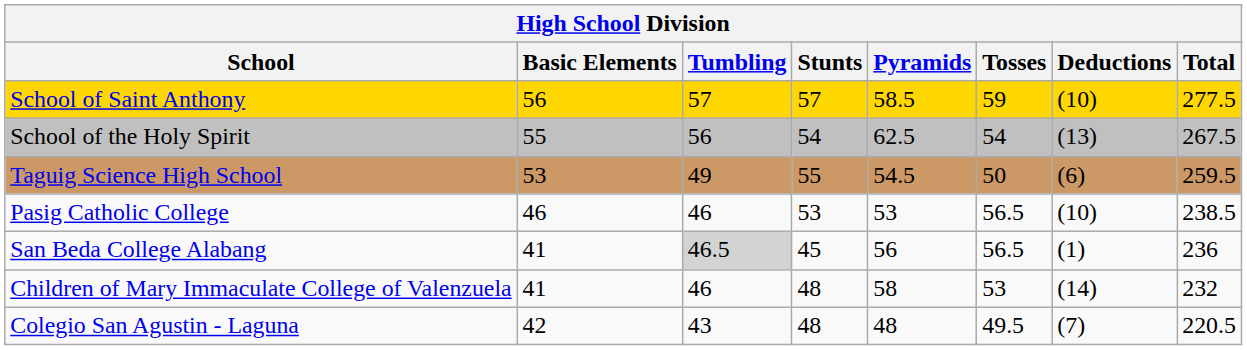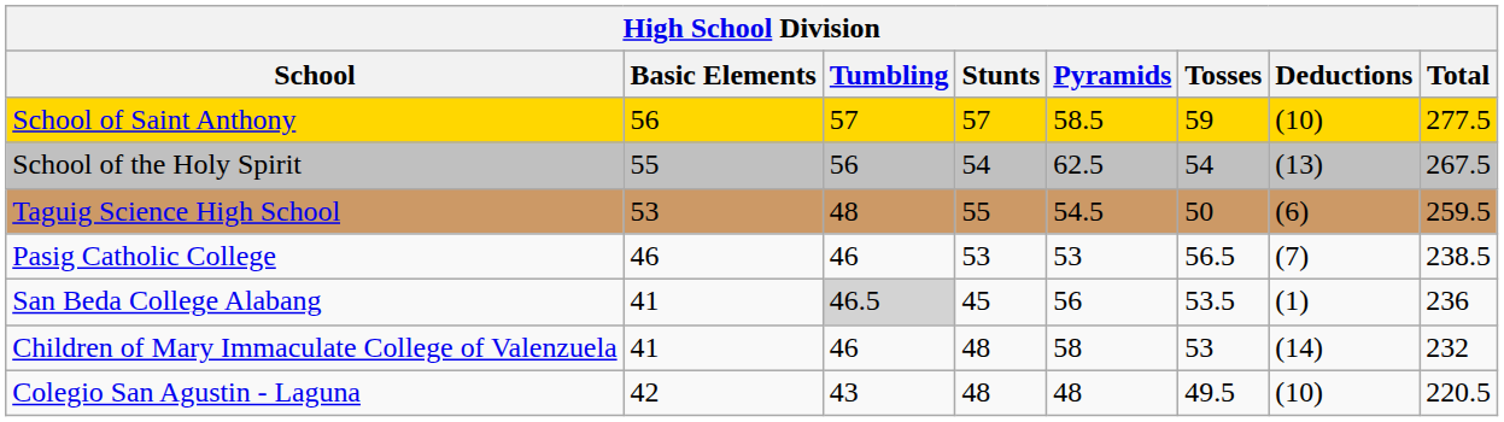 <table class="wikitable" style="text align: center">
 <tr bgcolor="#efefef">
 <th colspan=8><a href='#'>High School</a> Division</th>
 </tr>
 <tr>
 <th>School</th>
 <th>Basic Elements</th>
 <th><a href='#'>Tumbling</a></th>
 <th>Stunts</th>
 <th><a href='#'>Pyramids</a></th>
 <th>Tosses</th>
 <th>Deductions</th>
 <th>Total</th>
 </tr>
 <tr bgcolor="gold">
 <td><a href='#'>School of Saint Anthony</a></td>
 <td>56</td>
 <td>57</td>
 <td>57</td>
 <td>58.5</td>
 <td>59</td>
 <td>(10)</td>
 <td>277.5</td>
 </tr>
 <tr bgcolor="silver">
 <td>School of the Holy Spirit</td>
 <td>55</td>
 <td>56</td>
 <td>54</td>
 <td>62.5</td>
 <td>54</td>
 <td>(13)</td>
 <td>267.5</td>
 </tr>
 <tr bgcolor=#cc9966>
 <td><a href='#'>Taguig Science High School</a></td>
 <td>53</td>
-<td>49</td>
+<td>48</td>
 <td>55</td>
 <td>54.5</td>
 <td>50</td>
 <td>(6)</td>
 <td>259.5</td>
 </tr>
 <tr>
 <td><a href='#'>Pasig Catholic College</a></td>
 <td>46</td>
 <td>46</td>
 <td>53</td>
 <td>53</td>
 <td>56.5</td>
-<td>(10)</td>
+<td>(7)</td>
 <td>238.5</td>
 </tr>
 <tr>
 <td><a href='#'>San Beda College Alabang</a></td>
 <td>41</td>
 <td style="background: lightgrey;">46.5</td>
 <td>45</td>
 <td>56</td>
-<td>56.5</td>
+<td>53.5</td>
 <td>(1)</td>
 <td>236</td>
 </tr>
 <tr>
 <td><a href='#'>Children of Mary Immaculate College of Valenzuela</a></td>
 <td>41</td>
 <td>46</td>
 <td>48</td>
 <td>58</td>
 <td>53</td>
 <td>(14)</td>
 <td>232</td>
 </tr>
 <tr>
 <td><a href='#'>Colegio San Agustin - Laguna</a></td>
 <td>42</td>
 <td>43</td>
 <td>48</td>
 <td>48</td>
 <td>49.5</td>
-<td>(7)</td>
+<td>(10)</td>
 <td>220.5</td>
 </tr>
 </table>
